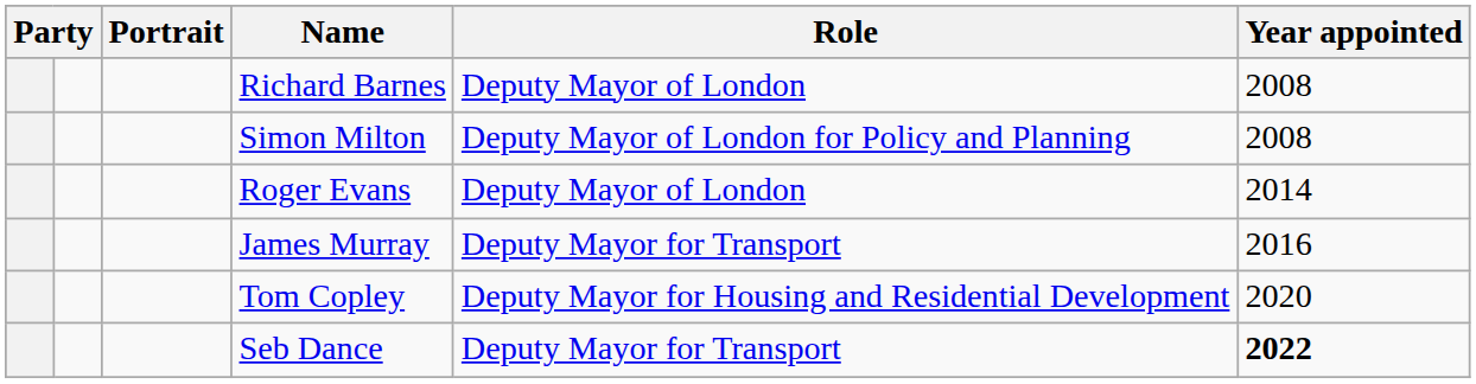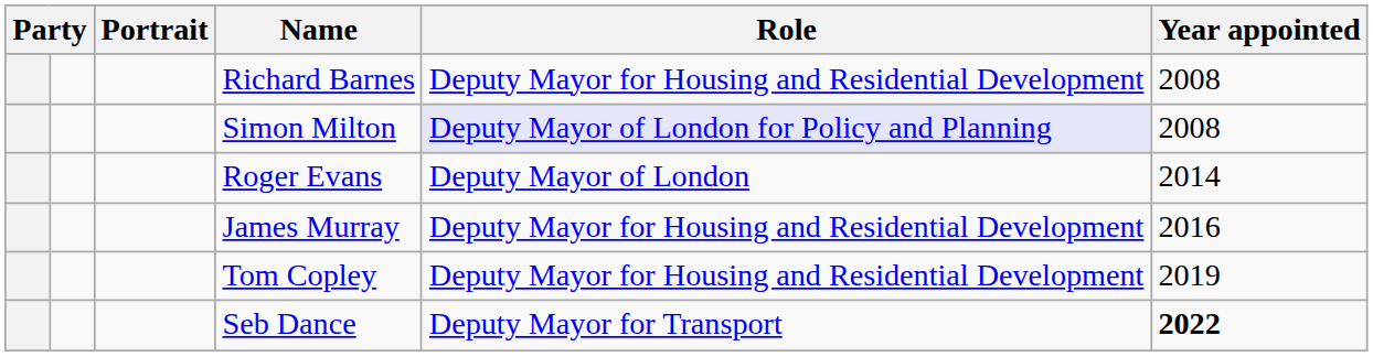 <table class="wikitable sortable">
 <tr>
 <th colspan="2">Party</th>
 <th>Portrait</th>
 <th>Name</th>
 <th>Role</th>
 <th>Year appointed</th>
 </tr>
 <tr>
 <th style="background-color: "></th>
 <td></td>
 <td></td>
 <td><a href='#'>Richard Barnes</a></td>
-<td><a href='#'>Deputy Mayor of London</a></td>
+<td><a href='#'>Deputy Mayor for Housing and Residential Development</a></td>
 <td>2008</td>
 </tr>
 <tr>
 <th style="background-color: "></th>
 <td></td>
 <td></td>
 <td><a href='#'>Simon Milton</a></td>
-<td><a href='#'>Deputy Mayor of London for Policy and Planning</a></td>
+<td style="background: lavender;"><a href='#'>Deputy Mayor of London for Policy and Planning</a></td>
 <td>2008</td>
 </tr>
 <tr>
 <th style="background-color: "></th>
 <td></td>
 <td></td>
 <td><a href='#'>Roger Evans</a></td>
 <td><a href='#'>Deputy Mayor of London</a></td>
 <td>2014</td>
 </tr>
 <tr>
 <th style="background-color: "></th>
 <td></td>
 <td></td>
 <td><a href='#'>James Murray</a></td>
-<td><a href='#'>Deputy Mayor for Transport</a></td>
+<td><a href='#'>Deputy Mayor for Housing and Residential Development</a></td>
 <td>2016</td>
 </tr>
 <tr>
 <th style="background-color: "></th>
 <td></td>
 <td></td>
 <td><a href='#'>Tom Copley</a></td>
 <td><a href='#'>Deputy Mayor for Housing and Residential Development</a></td>
-<td>2020</td>
+<td>2019</td>
 </tr>
 <tr>
 <th style="background-color: "></th>
 <td></td>
 <td></td>
 <td><a href='#'>Seb Dance</a></td>
 <td><a href='#'>Deputy Mayor for Transport</a></td>
 <td><strong>2022</strong></td>
 </tr>
 </table>
